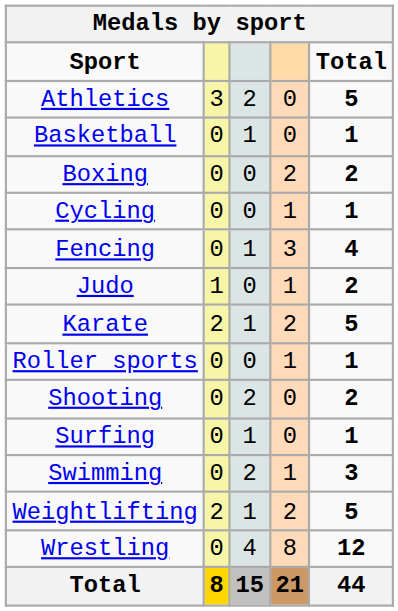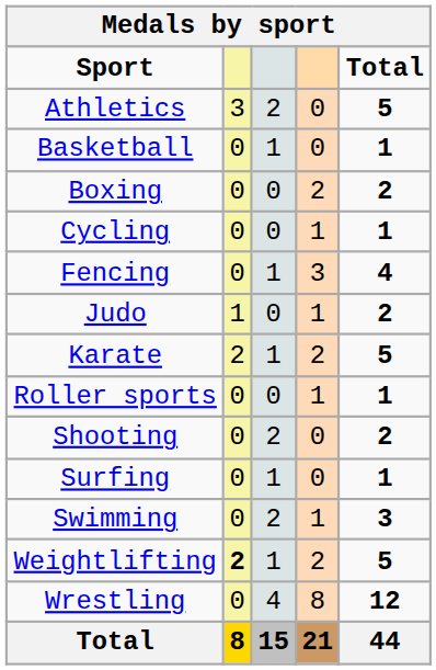 <table class=wikitable style="font-size:85%; float:right;text-align:center">
 <tr bgcolor=EFEFEF>
 <th colspan=7>Medals by sport</th>
 </tr>
 <tr>
 <td><strong>Sport</strong></td>
 <td bgcolor=F7F6A8></td>
 <td bgcolor=DCE5E5></td>
 <td bgcolor=FFDBA9></td>
 <td><strong>Total</strong></td>
 </tr>
 <tr>
 <td><a href='#'>Athletics</a></td>
 <td bgcolor=F7F6A8>3</td>
 <td bgcolor=DCE5E5>2</td>
 <td bgcolor=FFDAB9>0</td>
 <td><strong>5</strong></td>
 </tr>
 <tr>
 <td><a href='#'>Basketball</a></td>
 <td bgcolor=F7F6A8>0</td>
 <td bgcolor=DCE5E5>1</td>
 <td bgcolor=FFDAB9>0</td>
 <td><strong>1</strong></td>
 </tr>
 <tr>
 <td><a href='#'>Boxing</a></td>
 <td bgcolor=F7F6A8>0</td>
 <td bgcolor=DCE5E5>0</td>
 <td bgcolor=FFDAB9>2</td>
 <td><strong>2</strong></td>
 </tr>
 <tr>
 <td><a href='#'>Cycling</a></td>
 <td bgcolor=F7F6A8>0</td>
 <td bgcolor=DCE5E5>0</td>
 <td bgcolor=FFDAB9>1</td>
 <td><strong>1</strong></td>
 </tr>
 <tr>
 <td><a href='#'>Fencing</a></td>
 <td bgcolor=F7F6A8>0</td>
 <td bgcolor=DCE5E5>1</td>
 <td bgcolor=FFDAB9>3</td>
 <td><strong>4</strong></td>
 </tr>
 <tr>
 <td><a href='#'>Judo</a></td>
 <td bgcolor=F7F6A8>1</td>
 <td bgcolor=DCE5E5>0</td>
 <td bgcolor=FFDAB9>1</td>
 <td><strong>2</strong></td>
 </tr>
 <tr>
 <td><a href='#'>Karate</a></td>
 <td bgcolor=F7F6A8>2</td>
 <td bgcolor=DCE5E5>1</td>
 <td bgcolor=FFDAB9>2</td>
 <td><strong>5</strong></td>
 </tr>
 <tr>
 <td><a href='#'>Roller sports</a></td>
 <td bgcolor=F7F6A8>0</td>
 <td bgcolor=DCE5E5>0</td>
 <td bgcolor=FFDAB9>1</td>
 <td><strong>1</strong></td>
 </tr>
 <tr>
 <td><a href='#'>Shooting</a></td>
 <td bgcolor=F7F6A8>0</td>
 <td bgcolor=DCE5E5>2</td>
 <td bgcolor=FFDAB9>0</td>
 <td><strong>2</strong></td>
 </tr>
 <tr>
 <td><a href='#'>Surfing</a></td>
 <td bgcolor=F7F6A8>0</td>
 <td bgcolor=DCE5E5>1</td>
 <td bgcolor=FFDAB9>0</td>
 <td><strong>1</strong></td>
 </tr>
 <tr>
 <td><a href='#'>Swimming</a></td>
 <td bgcolor=F7F6A8>0</td>
 <td bgcolor=DCE5E5>2</td>
 <td bgcolor=FFDAB9>1</td>
 <td><strong>3</strong></td>
 </tr>
 <tr>
 <td><a href='#'>Weightlifting</a></td>
-<td bgcolor=F7F6A8>2</td>
+<td bgcolor=F7F6A8><strong>2</strong></td>
 <td bgcolor=DCE5E5>1</td>
 <td bgcolor=FFDAB9>2</td>
 <td><strong>5</strong></td>
 </tr>
 <tr>
 <td><a href='#'>Wrestling</a></td>
 <td bgcolor=F7F6A8>0</td>
 <td bgcolor=DCE5E5>4</td>
 <td bgcolor=FFDAB9>8</td>
 <td><strong>12</strong></td>
 </tr>
 <tr>
 <th>Total</th>
 <th style=background:gold>8</th>
 <th style=background:silver>15</th>
 <th style=background:#C96>21</th>
 <th>44</th>
 </tr>
 </table>
